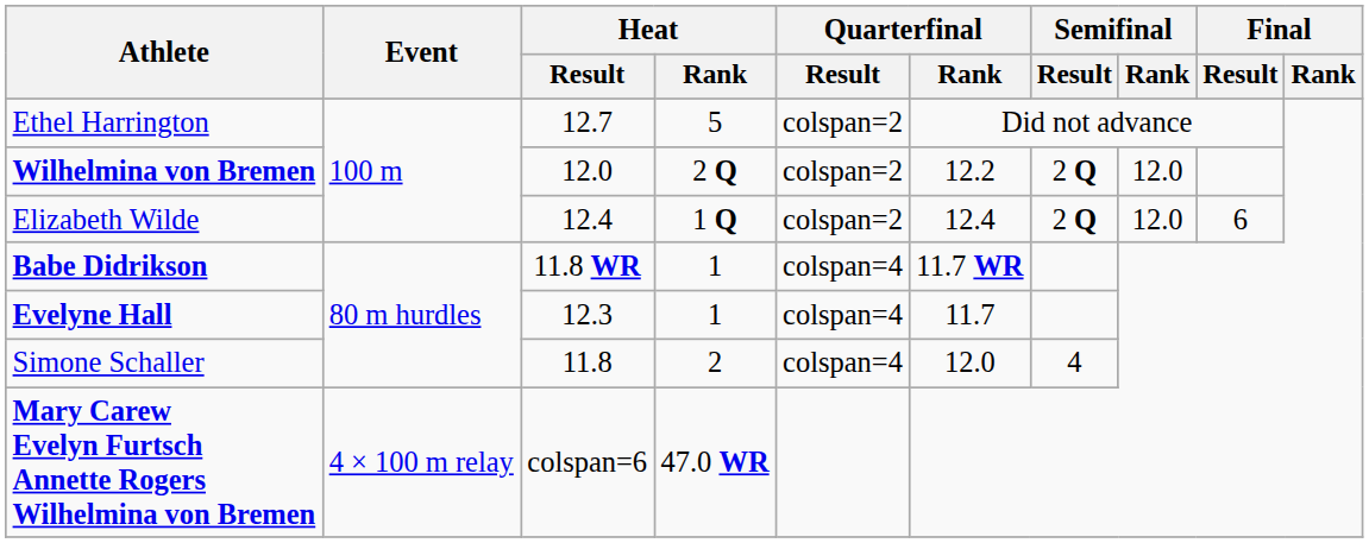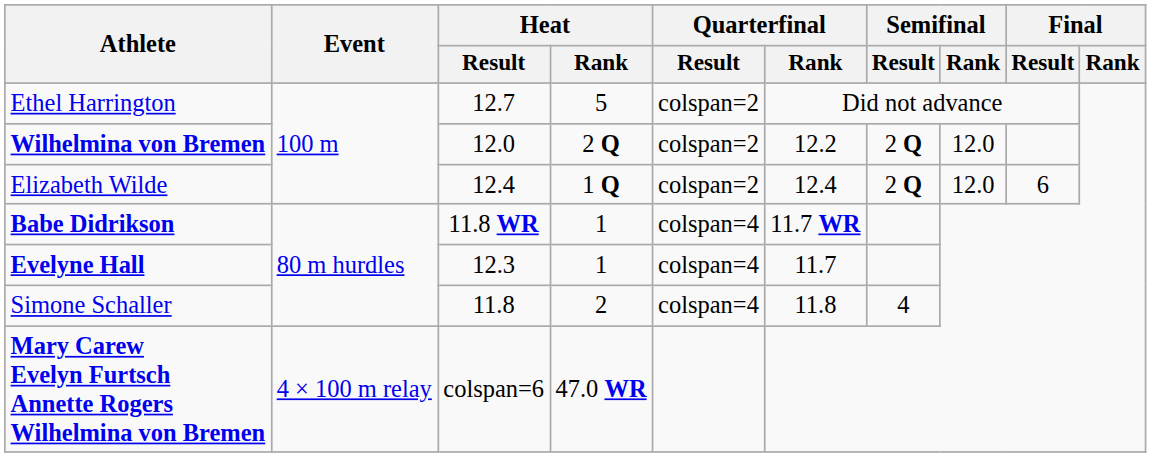 <table class="wikitable" style="font-size:90%">
 <tr>
 <th rowspan=2>Athlete</th>
 <th rowspan=2>Event</th>
 <th colspan=2>Heat</th>
 <th colspan=2>Quarterfinal</th>
 <th colspan=2>Semifinal</th>
 <th colspan=2>Final</th>
 </tr>
 <tr style="font-size:95%">
 <th>Result</th>
 <th>Rank</th>
 <th>Result</th>
 <th>Rank</th>
 <th>Result</th>
 <th>Rank</th>
 <th>Result</th>
 <th>Rank</th>
 </tr>
 <tr align=center>
 <td align=left><a href='#'>Ethel Harrington</a></td>
 <td align=left rowspan=3><a href='#'>100 m</a></td>
 <td>12.7</td>
 <td>5</td>
 <td>colspan=2 </td>
 <td colspan=4>Did not advance</td>
 </tr>
 <tr align=center>
 <td align=left><strong><a href='#'>Wilhelmina von Bremen</a></strong></td>
 <td>12.0</td>
 <td>2 <strong>Q</strong></td>
 <td>colspan=2 </td>
 <td>12.2</td>
 <td>2 <strong>Q</strong></td>
 <td>12.0</td>
 <td></td>
 </tr>
 <tr align=center>
 <td align=left><a href='#'>Elizabeth Wilde</a></td>
 <td>12.4</td>
 <td>1 <strong>Q</strong></td>
 <td>colspan=2 </td>
 <td>12.4</td>
 <td>2 <strong>Q</strong></td>
 <td>12.0</td>
 <td>6</td>
 </tr>
 <tr align=center>
 <td align=left><strong><a href='#'>Babe Didrikson</a></strong></td>
 <td align=left rowspan=3><a href='#'>80 m hurdles</a></td>
 <td>11.8 <strong><a href='#'>WR</a></strong></td>
 <td>1</td>
 <td>colspan=4 </td>
 <td>11.7 <strong><a href='#'>WR</a></strong></td>
 <td></td>
 </tr>
 <tr align=center>
 <td align=left><strong><a href='#'>Evelyne Hall</a></strong></td>
 <td>12.3</td>
 <td>1</td>
 <td>colspan=4 </td>
 <td>11.7</td>
 <td></td>
 </tr>
 <tr align=center>
 <td align=left><a href='#'>Simone Schaller</a></td>
 <td>11.8</td>
 <td>2</td>
 <td>colspan=4 </td>
-<td>12.0</td>
+<td>11.8</td>
 <td>4</td>
 </tr>
 <tr align=center>
 <td align=left><strong><a href='#'>Mary Carew</a><br><a href='#'>Evelyn Furtsch</a><br><a href='#'>Annette Rogers</a><br><a href='#'>Wilhelmina von Bremen</a></strong></td>
 <td align=left><a href='#'>4 × 100 m relay</a></td>
 <td>colspan=6 </td>
 <td>47.0 <strong><a href='#'>WR</a></strong></td>
 <td></td>
 </tr>
 </table>
